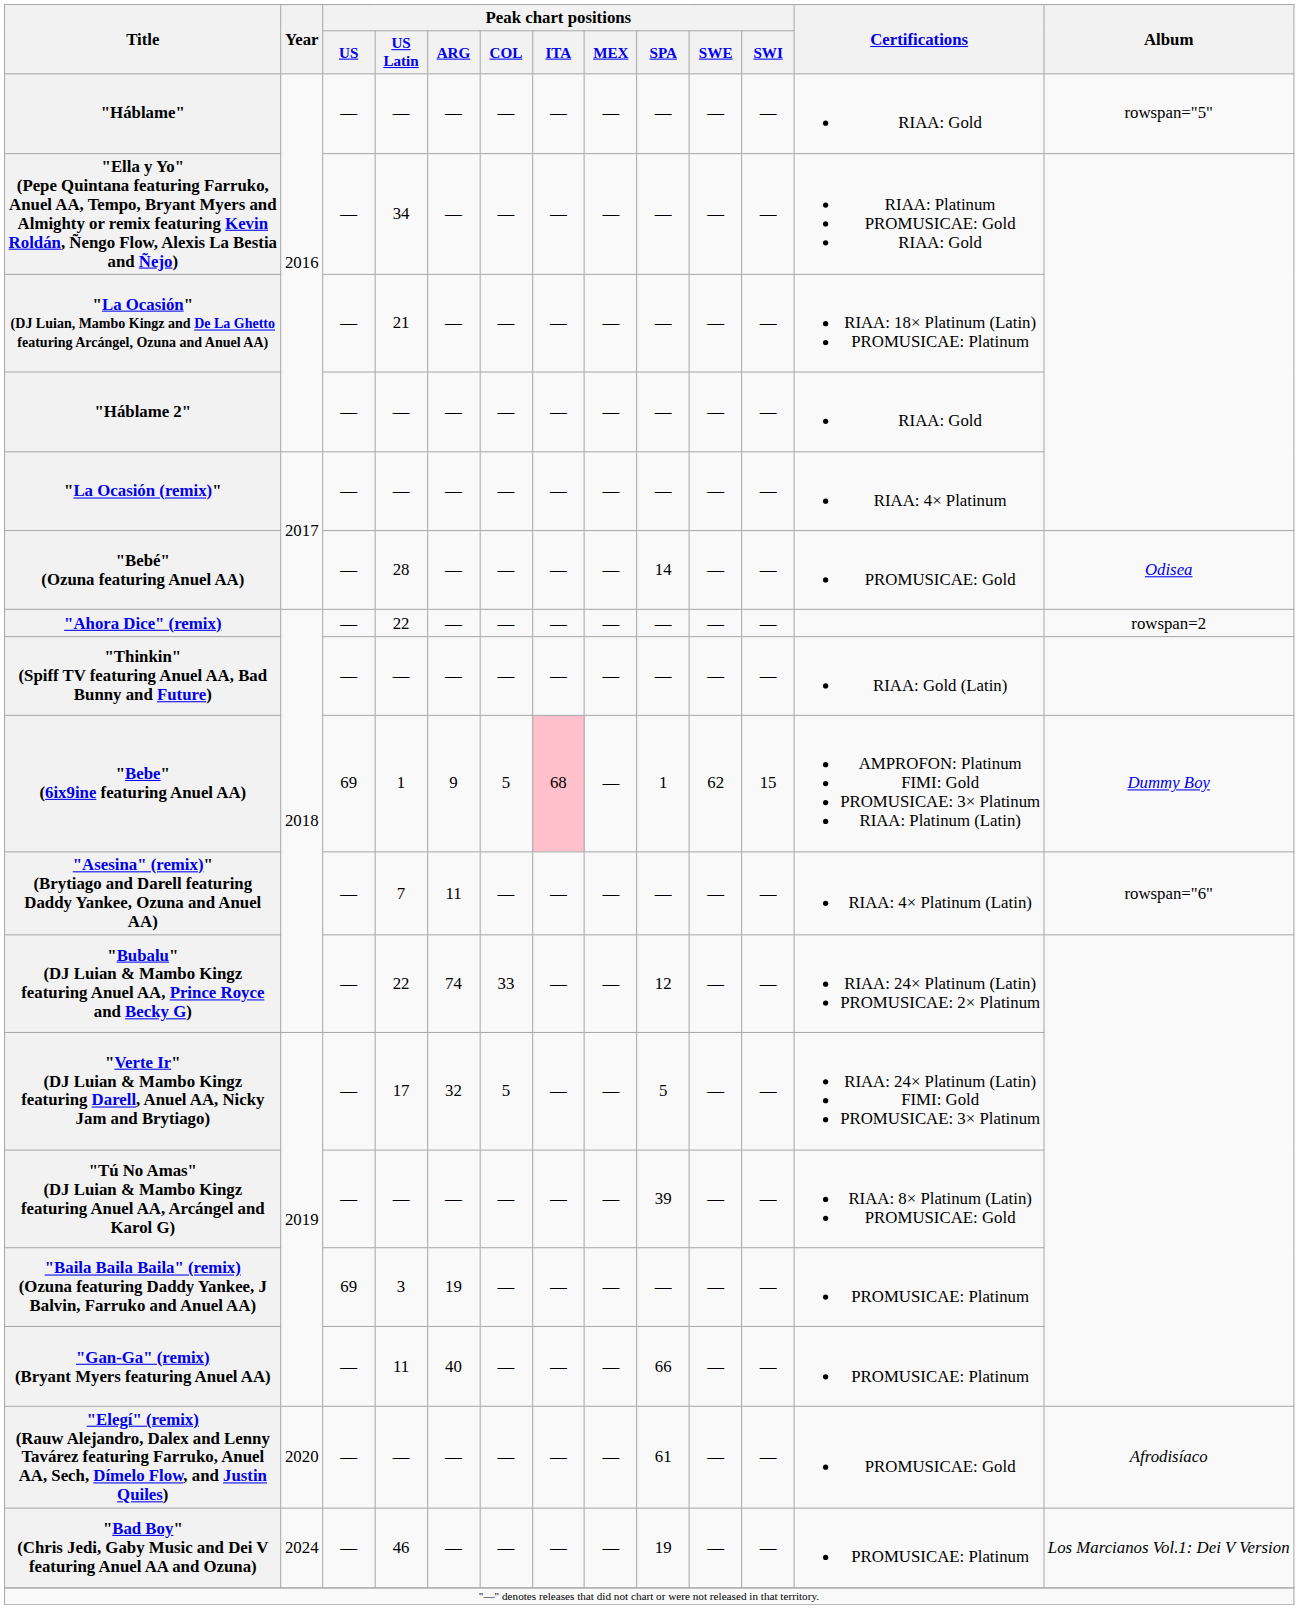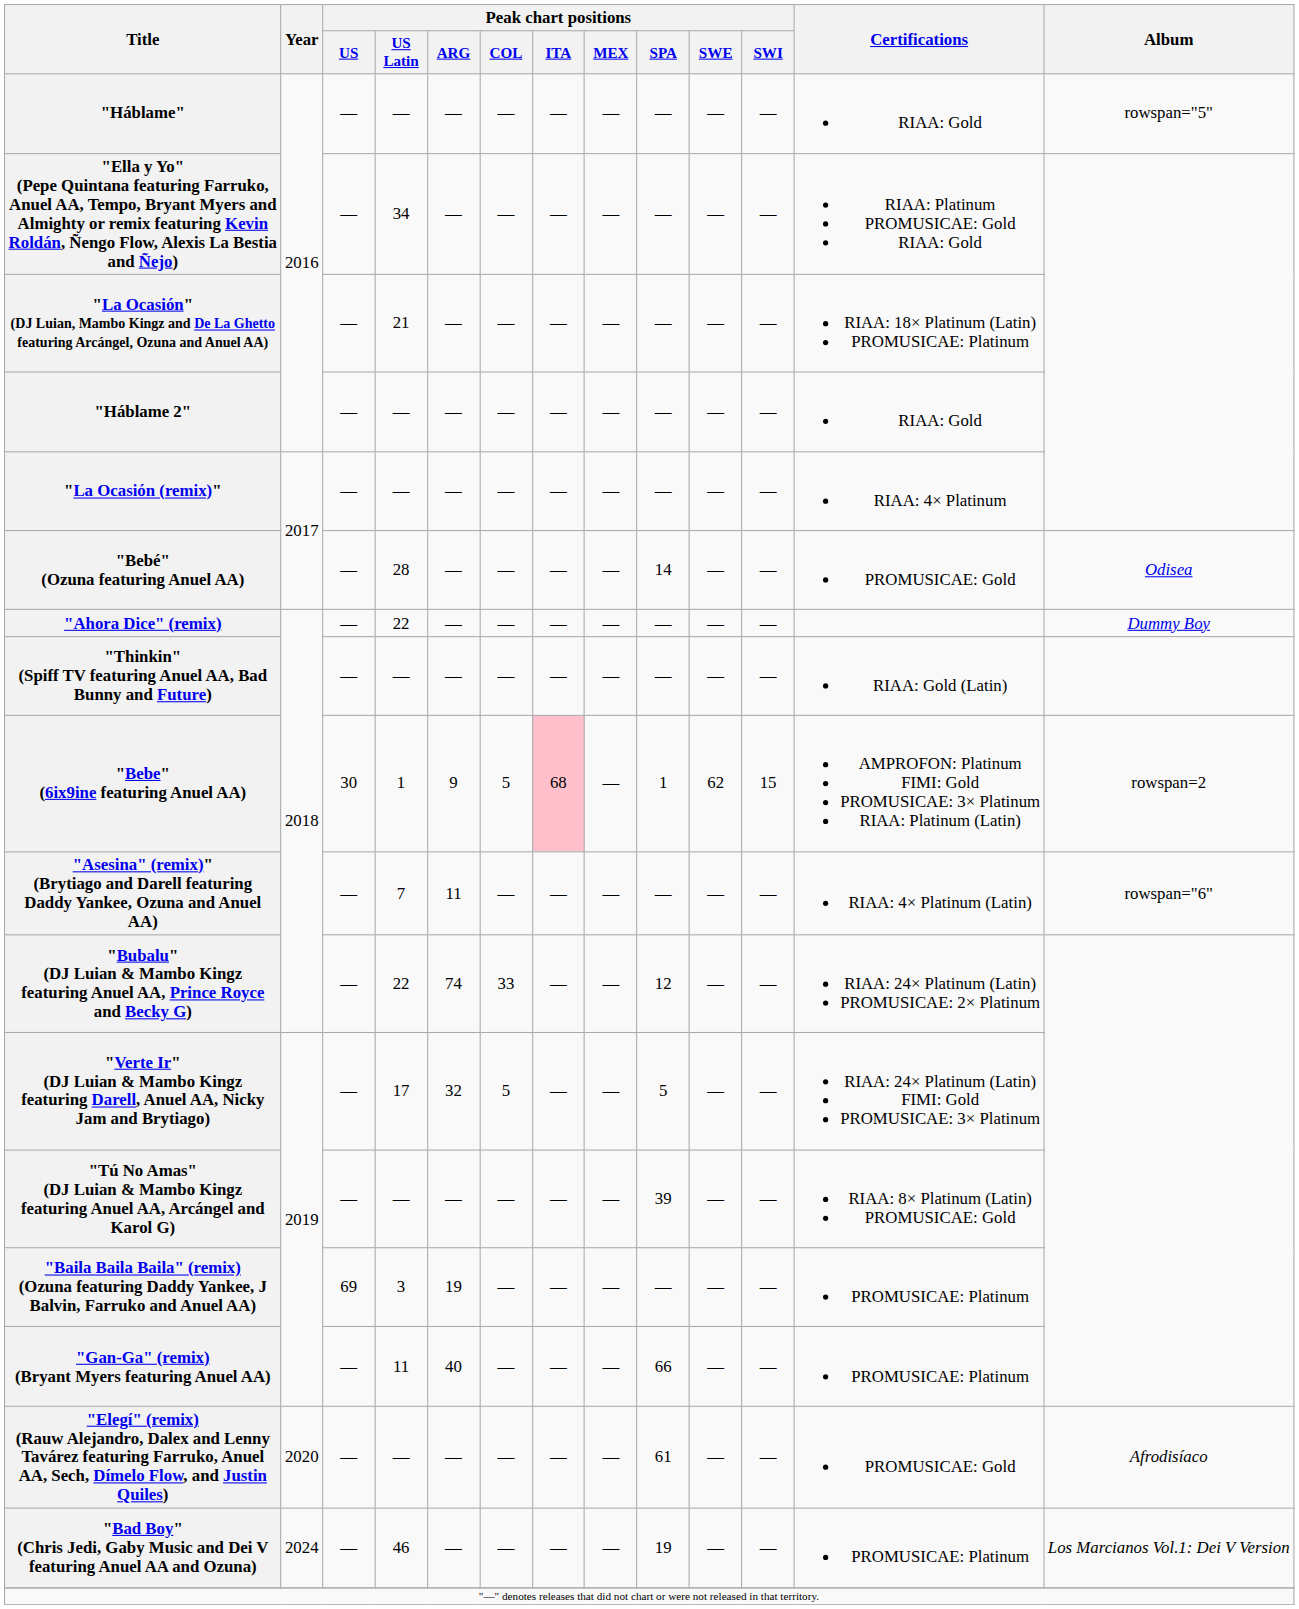 <table class="wikitable plainrowheaders" style="text-align:center;">
 <tr>
 <th scope="col" rowspan="2" style="width:16em;">Title</th>
 <th scope="col" rowspan="2">Year</th>
 <th colspan="9" scope="col">Peak chart positions</th>
 <th scope="col" rowspan="2"><a href='#'>Certifications</a></th>
 <th scope="col" rowspan="2">Album</th>
 </tr>
 <tr>
 <th scope="col" style="width:3em;font-size:90%;"><a href='#'>US</a><br></th>
 <th scope="col" style="width:3em;font-size:90%;"><a href='#'>US<br>Latin</a><br></th>
 <th scope="col" style="width:3em;font-size:90%;"><a href='#'>ARG</a><br></th>
 <th scope="col" style="width:3em;font-size:90%;"><a href='#'>COL</a><br></th>
 <th scope="col" style="width:3em;font-size:90%;"><a href='#'>ITA</a><br></th>
 <th scope="col" style="width:3em;font-size:90%;"><a href='#'>MEX</a><br></th>
 <th scope="col" style="width:3em;font-size:90%;"><a href='#'>SPA</a><br></th>
 <th scope="col" style="width:3em;font-size:90%;"><a href='#'>SWE</a><br></th>
 <th scope="col" style="width:3em;font-size:90%;"><a href='#'>SWI</a><br></th>
 </tr>
 <tr>
 <th scope="row">"Háblame"<br></th>
 <td rowspan="4">2016</td>
 <td>—</td>
 <td>—</td>
 <td>—</td>
 <td>—</td>
 <td>—</td>
 <td>—</td>
 <td>—</td>
 <td>—</td>
 <td>—</td>
 <td><br><ul><li>RIAA: Gold </li></ul></td>
 <td>rowspan="5" </td>
 </tr>
 <tr>
 <th scope="row">"Ella y Yo"<br><span>(Pepe Quintana featuring Farruko, Anuel AA, Tempo, Bryant Myers and Almighty or remix featuring <a href='#'>Kevin Roldán</a>, Ñengo Flow, Alexis La Bestia and <a href='#'>Ñejo</a>)</span></th>
 <td>—</td>
 <td>34</td>
 <td>—</td>
 <td>—</td>
 <td>—</td>
 <td>—</td>
 <td>—</td>
 <td>—</td>
 <td>—</td>
 <td><br><ul><li>RIAA: Platinum </li><li>PROMUSICAE: Gold</li><li>RIAA: Gold  </li></ul></td>
 </tr>
 <tr>
 <th scope="row">"<a href='#'>La Ocasión</a>"<br><small>(DJ Luian, Mambo Kingz and <a href='#'>De La Ghetto</a> featuring Arcángel, Ozuna and Anuel AA)</small></th>
 <td>—</td>
 <td>21</td>
 <td>—</td>
 <td>—</td>
 <td>—</td>
 <td>—</td>
 <td>—</td>
 <td>—</td>
 <td>—</td>
 <td><br><ul><li>RIAA: 18× Platinum (Latin)</li><li>PROMUSICAE: Platinum</li></ul></td>
 </tr>
 <tr>
 <th scope="row">"Háblame 2"<br></th>
 <td>—</td>
 <td>—</td>
 <td>—</td>
 <td>—</td>
 <td>—</td>
 <td>—</td>
 <td>—</td>
 <td>—</td>
 <td>—</td>
 <td><br><ul><li>RIAA: Gold </li></ul></td>
 </tr>
 <tr>
 <th scope="row">"<a href='#'>La Ocasión (remix)</a>"<br></th>
 <td rowspan=2>2017</td>
 <td>—</td>
 <td>—</td>
 <td>—</td>
 <td>—</td>
 <td>—</td>
 <td>—</td>
 <td>—</td>
 <td>—</td>
 <td>—</td>
 <td><br><ul><li>RIAA: 4× Platinum </li></ul></td>
 </tr>
 <tr>
 <th scope="row">"Bebé"<br><span>(Ozuna featuring Anuel AA)</span></th>
 <td>—</td>
 <td>28</td>
 <td>—</td>
 <td>—</td>
 <td>—</td>
 <td>—</td>
 <td>14</td>
 <td>—</td>
 <td>—</td>
 <td><br><ul><li>PROMUSICAE: Gold</li></ul></td>
 <td><em><a href='#'>Odisea</a></em></td>
 </tr>
 <tr>
 <th scope="row"><a href='#'>"Ahora Dice" (remix)</a><br></th>
 <td rowspan="5">2018</td>
 <td>—</td>
 <td>22</td>
 <td>—</td>
 <td>—</td>
 <td>—</td>
 <td>—</td>
 <td>—</td>
 <td>—</td>
 <td>—</td>
 <td></td>
-<td>rowspan=2 </td>
+<td><em><a href='#'>Dummy Boy</a></em></td>
 </tr>
 <tr>
 <th scope="row">"Thinkin"<br><span>(Spiff TV featuring Anuel AA, Bad Bunny and <a href='#'>Future</a>)</span></th>
 <td>—</td>
 <td>—</td>
 <td>—</td>
 <td>—</td>
 <td>—</td>
 <td>—</td>
 <td>—</td>
 <td>—</td>
 <td>—</td>
 <td><br><ul><li>RIAA: Gold <span>(Latin)</span></li></ul></td>
 </tr>
 <tr>
 <th scope="row">"<a href='#'>Bebe</a>"<br><span>(<a href='#'>6ix9ine</a> featuring Anuel AA)</span></th>
-<td>69</td>
+<td>30</td>
 <td>1</td>
 <td>9</td>
 <td>5</td>
 <td style="background: pink;">68</td>
 <td>—</td>
 <td>1</td>
 <td>62</td>
 <td>15</td>
 <td><br><ul><li>AMPROFON: Platinum</li><li>FIMI: Gold</li><li>PROMUSICAE: 3× Platinum</li><li>RIAA: Platinum <span>(Latin)</span></li></ul></td>
-<td><em><a href='#'>Dummy Boy</a></em></td>
+<td>rowspan=2 </td>
 </tr>
 <tr>
 <th scope="row"><a href='#'>"Asesina" (remix)</a>"<br><span>(Brytiago and Darell featuring Daddy Yankee, Ozuna and Anuel AA)</span></th>
 <td>—</td>
 <td>7</td>
 <td>11</td>
 <td>—</td>
 <td>—</td>
 <td>—</td>
 <td>—</td>
 <td>—</td>
 <td>—</td>
 <td><br><ul><li>RIAA: 4× Platinum <span>(Latin)</span></li></ul></td>
 <td>rowspan="6" </td>
 </tr>
 <tr>
 <th scope="row">"<a href='#'>Bubalu</a>"<br><span>(DJ Luian & Mambo Kingz featuring Anuel AA, <a href='#'>Prince Royce</a> and <a href='#'>Becky G</a>)</span></th>
 <td>—</td>
 <td>22</td>
 <td>74</td>
 <td>33</td>
 <td>—</td>
 <td>—</td>
 <td>12</td>
 <td>—</td>
 <td>—</td>
 <td><br><ul><li>RIAA: 24× Platinum <span>(Latin)</span></li><li>PROMUSICAE: 2× Platinum</li></ul></td>
 </tr>
 <tr>
 <th scope="row">"<a href='#'>Verte Ir</a>"<br><span>(DJ Luian & Mambo Kingz featuring <a href='#'>Darell</a>, Anuel AA, Nicky Jam and Brytiago)</span></th>
 <td rowspan="4">2019</td>
 <td>—</td>
 <td>17</td>
 <td>32</td>
 <td>5</td>
 <td>—</td>
 <td>—</td>
 <td>5</td>
 <td>—</td>
 <td>—</td>
 <td><br><ul><li>RIAA: 24× Platinum <span>(Latin)</span></li><li>FIMI: Gold</li><li>PROMUSICAE: 3× Platinum</li></ul></td>
 </tr>
 <tr>
 <th scope="row">"Tú No Amas"<br><span>(DJ Luian & Mambo Kingz featuring Anuel AA, Arcángel and Karol G)</span></th>
 <td>—</td>
 <td>—</td>
 <td>—</td>
 <td>—</td>
 <td>—</td>
 <td>—</td>
 <td>39</td>
 <td>—</td>
 <td>—</td>
 <td><br><ul><li>RIAA: 8× Platinum <span>(Latin)</span></li><li>PROMUSICAE: Gold</li></ul></td>
 </tr>
 <tr>
 <th scope="row"><a href='#'>"Baila Baila Baila" (remix)</a><br><span>(Ozuna featuring Daddy Yankee, J Balvin, Farruko and Anuel AA)</span></th>
 <td>69</td>
 <td>3</td>
 <td>19</td>
 <td>—</td>
 <td>—</td>
 <td>—</td>
 <td>—</td>
 <td>—</td>
 <td>—</td>
 <td><br><ul><li>PROMUSICAE: Platinum</li></ul></td>
 </tr>
 <tr>
 <th scope="row"><a href='#'>"Gan-Ga" (remix)</a><br><span>(Bryant Myers featuring Anuel AA)</span></th>
 <td>—</td>
 <td>11</td>
 <td>40</td>
 <td>—</td>
 <td>—</td>
 <td>—</td>
 <td>66</td>
 <td>—</td>
 <td>—</td>
 <td><br><ul><li>PROMUSICAE: Platinum</li></ul></td>
 </tr>
 <tr>
 <th scope="row"><a href='#'>"Elegí" (remix)</a><br><span>(Rauw Alejandro, Dalex and Lenny Tavárez featuring Farruko, Anuel AA, Sech, <a href='#'>Dímelo Flow</a>, and <a href='#'>Justin Quiles</a>)</span></th>
 <td>2020</td>
 <td>—</td>
 <td>—</td>
 <td>—</td>
 <td>—</td>
 <td>—</td>
 <td>—</td>
 <td>61</td>
 <td>—</td>
 <td>—</td>
 <td><br><ul><li>PROMUSICAE: Gold</li></ul></td>
 <td><em>Afrodisíaco</em></td>
 </tr>
 <tr>
 <th scope="row">"<a href='#'>Bad Boy</a>"<br><span>(Chris Jedi, Gaby Music and Dei V featuring Anuel AA and Ozuna)</span></th>
 <td rowspan="1">2024</td>
 <td>—</td>
 <td>46</td>
 <td>—</td>
 <td>—</td>
 <td>—</td>
 <td>—</td>
 <td>19</td>
 <td>—</td>
 <td —>—</td>
 <td><br><ul><li>PROMUSICAE: Platinum</li></ul></td>
 <td><em>Los Marcianos Vol.1: Dei V Version</em></td>
 </tr>
 <tr>
 </tr>
 <tr>
 <td colspan="13" style="text-align:center; font-size:8pt;">"—" denotes releases that did not chart or were not released in that territory.</td>
 </tr>
 </table>
